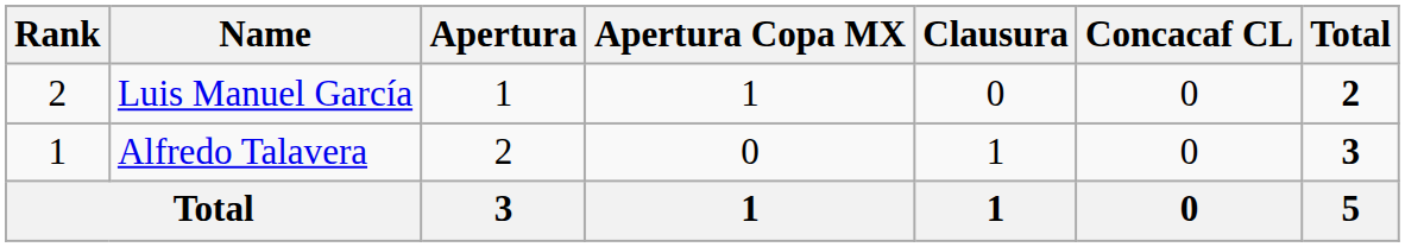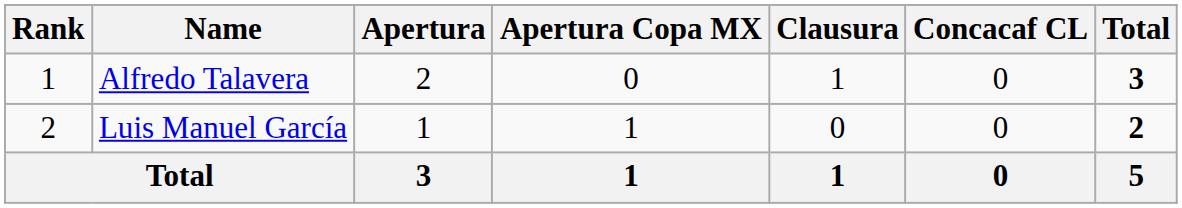 <table class="wikitable" style="text-align: center">
 <tr>
 <th>Rank</th>
 <th>Name</th>
 <th>Apertura</th>
 <th>Apertura Copa MX</th>
 <th>Clausura</th>
 <th>Concacaf CL</th>
 <th>Total</th>
 </tr>
 <tr>
+<td>1</td>
+<td align=left> <a href='#'>Alfredo Talavera</a></td>
+<td>2</td>
+<td>0</td>
+<td>1</td>
+<td>0</td>
+<td><strong>3</strong></td>
+</tr>
+<tr>
 <td>2</td>
 <td align=left> <a href='#'>Luis Manuel García</a></td>
 <td>1</td>
 <td>1</td>
 <td>0</td>
 <td>0</td>
 <td><strong>2</strong></td>
-</tr>
-<tr>
-<td>1</td>
-<td align=left> <a href='#'>Alfredo Talavera</a></td>
-<td>2</td>
-<td>0</td>
-<td>1</td>
-<td>0</td>
-<td><strong>3</strong></td>
 </tr>
 <tr>
 <th colspan=2>Total</th>
 <th>3</th>
 <th>1</th>
 <th>1</th>
 <th>0</th>
 <th>5</th>
 </tr>
 </table>
